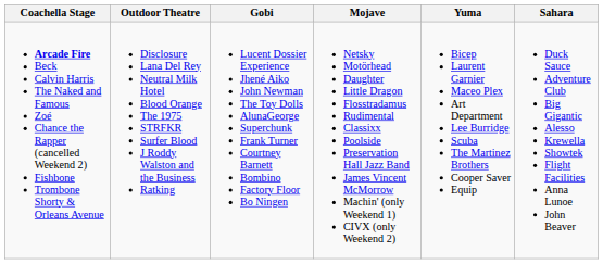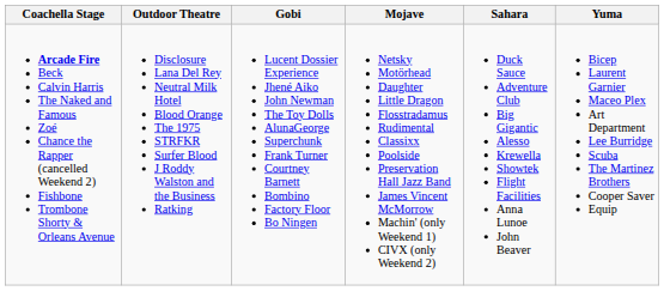 <table class="wikitable">
 <tr>
 <th>Coachella Stage</th>
 <th>Outdoor Theatre</th>
 <th>Gobi</th>
 <th>Mojave</th>
+<th>Sahara</th>
 <th>Yuma</th>
-<th>Sahara</th>
 </tr>
 <tr valign="top">
 <td><br><ul><li><strong><a href='#'>Arcade Fire</a></strong></li><li><a href='#'>Beck</a></li><li><a href='#'>Calvin Harris</a></li><li><a href='#'>The Naked and Famous</a></li><li><a href='#'>Zoé</a></li><li><a href='#'>Chance the Rapper</a> (cancelled Weekend 2)</li><li><a href='#'>Fishbone</a></li><li><a href='#'>Trombone Shorty & Orleans Avenue</a></li></ul></td>
 <td><br><ul><li><a href='#'>Disclosure</a></li><li><a href='#'>Lana Del Rey</a></li><li><a href='#'>Neutral Milk Hotel</a></li><li><a href='#'>Blood Orange</a></li><li><a href='#'>The 1975</a></li><li><a href='#'>STRFKR</a></li><li><a href='#'>Surfer Blood</a></li><li><a href='#'>J Roddy Walston and the Business</a></li><li><a href='#'>Ratking</a></li></ul></td>
 <td><br><ul><li><a href='#'>Lucent Dossier Experience</a></li><li><a href='#'>Jhené Aiko</a></li><li><a href='#'>John Newman</a></li><li><a href='#'>The Toy Dolls</a></li><li><a href='#'>AlunaGeorge</a></li><li><a href='#'>Superchunk</a></li><li><a href='#'>Frank Turner</a></li><li><a href='#'>Courtney Barnett</a></li><li><a href='#'>Bombino</a></li><li><a href='#'>Factory Floor</a></li><li><a href='#'>Bo Ningen</a></li></ul></td>
 <td><br><ul><li><a href='#'>Netsky</a></li><li><a href='#'>Motörhead</a></li><li><a href='#'>Daughter</a></li><li><a href='#'>Little Dragon</a></li><li><a href='#'>Flosstradamus</a></li><li><a href='#'>Rudimental</a></li><li><a href='#'>Classixx</a></li><li><a href='#'>Poolside</a></li><li><a href='#'>Preservation Hall Jazz Band</a></li><li><a href='#'>James Vincent McMorrow</a></li><li>Machin' (only Weekend 1)</li><li>CIVX (only Weekend 2)</li></ul></td>
+<td><br><ul><li><a href='#'>Duck Sauce</a></li><li><a href='#'>Adventure Club</a></li><li><a href='#'>Big Gigantic</a></li><li><a href='#'>Alesso</a></li><li><a href='#'>Krewella</a></li><li><a href='#'>Showtek</a></li><li><a href='#'>Flight Facilities</a></li><li>Anna Lunoe</li><li>John Beaver</li></ul></td>
 <td><br><ul><li><a href='#'>Bicep</a></li><li><a href='#'>Laurent Garnier</a></li><li><a href='#'>Maceo Plex</a></li><li>Art Department</li><li><a href='#'>Lee Burridge</a></li><li><a href='#'>Scuba</a></li><li><a href='#'>The Martinez Brothers</a></li><li>Cooper Saver</li><li>Equip</li></ul></td>
-<td><br><ul><li><a href='#'>Duck Sauce</a></li><li><a href='#'>Adventure Club</a></li><li><a href='#'>Big Gigantic</a></li><li><a href='#'>Alesso</a></li><li><a href='#'>Krewella</a></li><li><a href='#'>Showtek</a></li><li><a href='#'>Flight Facilities</a></li><li>Anna Lunoe</li><li>John Beaver</li></ul></td>
 </tr>
 </table>
